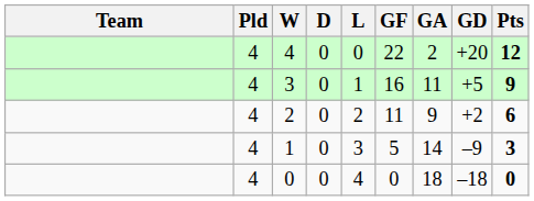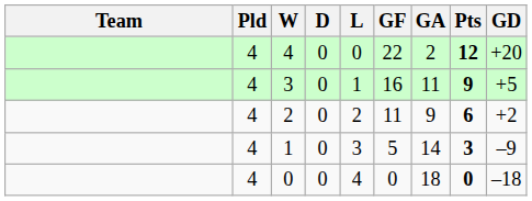 <table class=wikitable style="text-align:center">
 <tr>
 <th width=175>Team</th>
 <th width=20>Pld</th>
 <th width=20>W</th>
 <th width=20>D</th>
 <th width=20>L</th>
 <th width=20>GF</th>
 <th width=20>GA</th>
+<th width=20>Pts</th>
 <th width=20>GD</th>
-<th width=20>Pts</th>
 </tr>
 <tr style="background:#ccffcc">
 <td align=left></td>
 <td>4</td>
 <td>4</td>
 <td>0</td>
 <td>0</td>
 <td>22</td>
 <td>2</td>
+<td><strong>12</strong></td>
 <td>+20</td>
-<td><strong>12</strong></td>
 </tr>
 <tr style="background:#ccffcc">
 <td align=left></td>
 <td>4</td>
 <td>3</td>
 <td>0</td>
 <td>1</td>
 <td>16</td>
 <td>11</td>
+<td><strong>9</strong></td>
 <td>+5</td>
-<td><strong>9</strong></td>
 </tr>
 <tr>
 <td align=left></td>
 <td>4</td>
 <td>2</td>
 <td>0</td>
 <td>2</td>
 <td>11</td>
 <td>9</td>
+<td><strong>6</strong></td>
 <td>+2</td>
-<td><strong>6</strong></td>
 </tr>
 <tr>
 <td align=left></td>
 <td>4</td>
 <td>1</td>
 <td>0</td>
 <td>3</td>
 <td>5</td>
 <td>14</td>
+<td><strong>3</strong></td>
 <td>–9</td>
-<td><strong>3</strong></td>
 </tr>
 <tr>
 <td align=left></td>
 <td>4</td>
 <td>0</td>
 <td>0</td>
 <td>4</td>
 <td>0</td>
 <td>18</td>
+<td><strong>0</strong></td>
 <td>–18</td>
-<td><strong>0</strong></td>
 </tr>
 </table>
